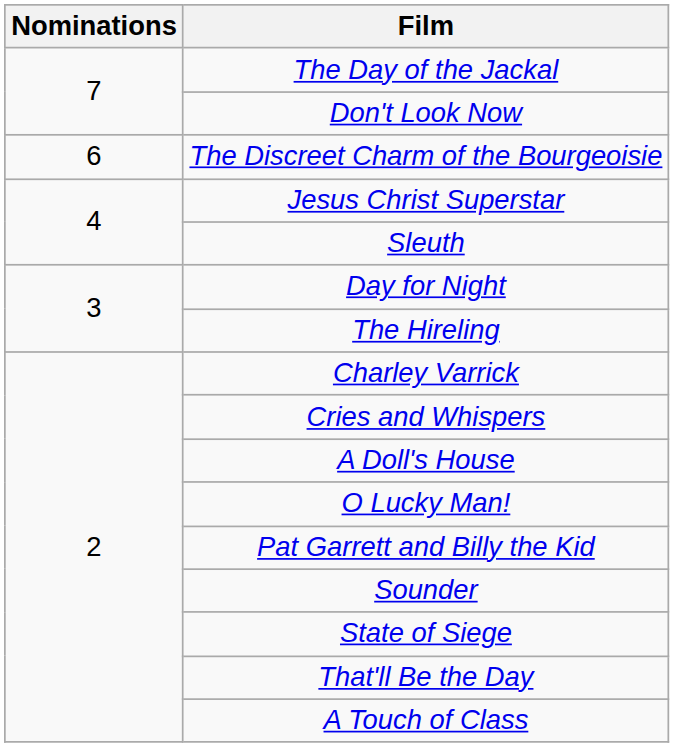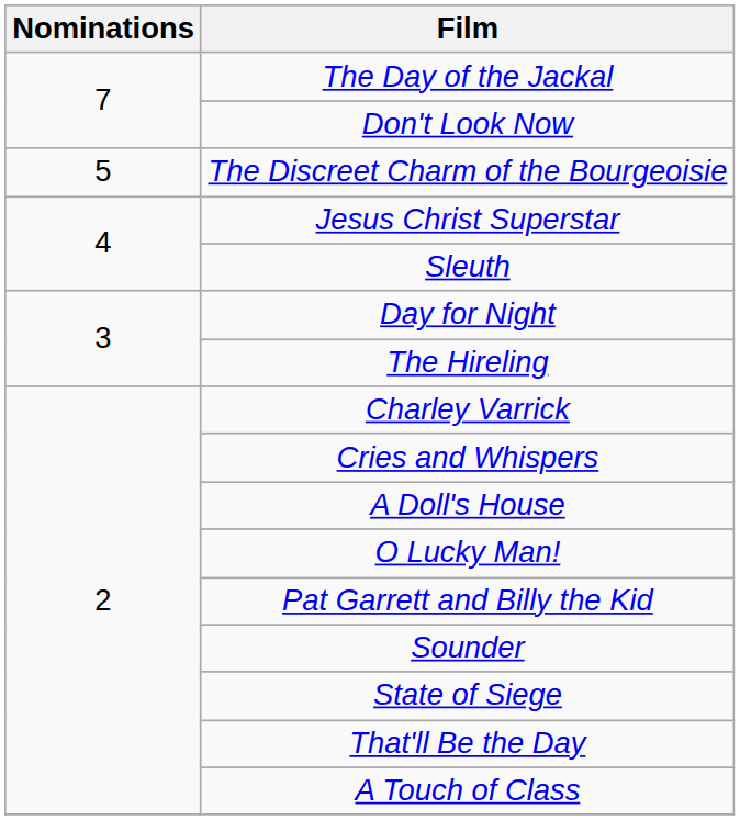 <table class="wikitable" style="text-align:center;">
 <tr>
 <th style="background:">Nominations</th>
 <th style="background:">Film</th>
 </tr>
 <tr>
 <td rowspan="2">7</td>
 <td><em><a href='#'>The Day of the Jackal</a></em></td>
 </tr>
 <tr>
 <td><em><a href='#'>Don't Look Now</a></em></td>
 </tr>
 <tr>
-<td>6</td>
+<td>5</td>
 <td><em><a href='#'>The Discreet Charm of the Bourgeoisie</a></em></td>
 </tr>
 <tr>
 <td rowspan="2">4</td>
 <td><em><a href='#'>Jesus Christ Superstar</a></em></td>
 </tr>
 <tr>
 <td><em><a href='#'>Sleuth</a></em></td>
 </tr>
 <tr>
 <td rowspan="2">3</td>
 <td><em><a href='#'>Day for Night</a></em></td>
 </tr>
 <tr>
 <td><em><a href='#'>The Hireling</a></em></td>
 </tr>
 <tr>
 <td rowspan="9">2</td>
 <td><em><a href='#'>Charley Varrick</a></em></td>
 </tr>
 <tr>
 <td><em><a href='#'>Cries and Whispers</a></em></td>
 </tr>
 <tr>
 <td><em><a href='#'>A Doll's House</a></em></td>
 </tr>
 <tr>
 <td><em><a href='#'>O Lucky Man!</a></em></td>
 </tr>
 <tr>
 <td><em><a href='#'>Pat Garrett and Billy the Kid</a></em></td>
 </tr>
 <tr>
 <td><em><a href='#'>Sounder</a></em></td>
 </tr>
 <tr>
 <td><em><a href='#'>State of Siege</a></em></td>
 </tr>
 <tr>
 <td><em><a href='#'>That'll Be the Day</a></em></td>
 </tr>
 <tr>
 <td><em><a href='#'>A Touch of Class</a></em></td>
 </tr>
 </table>
